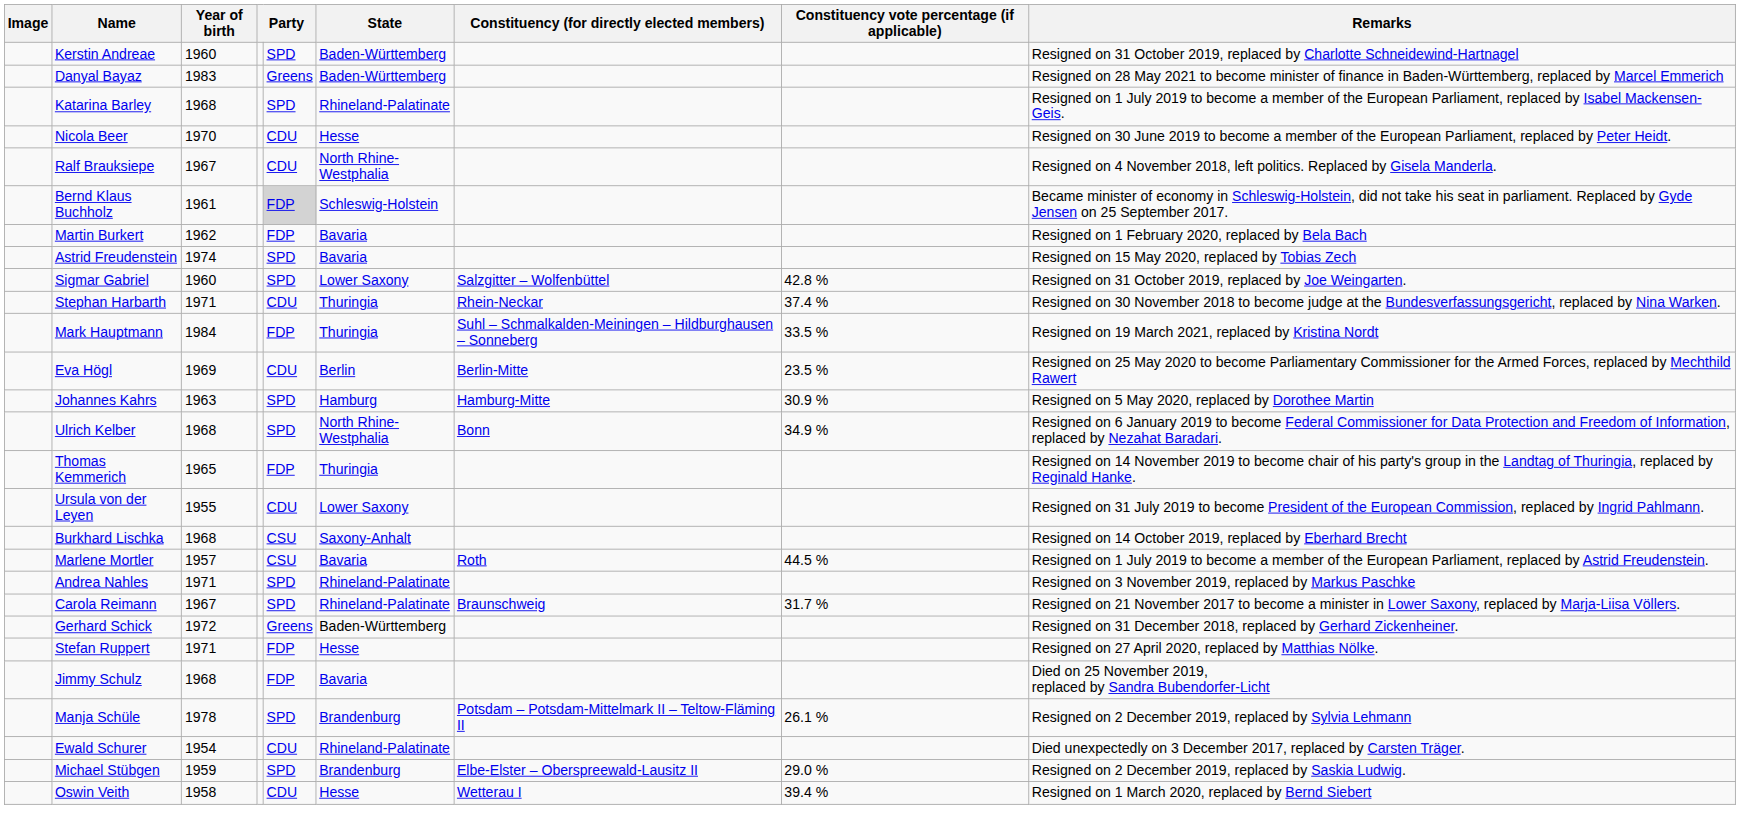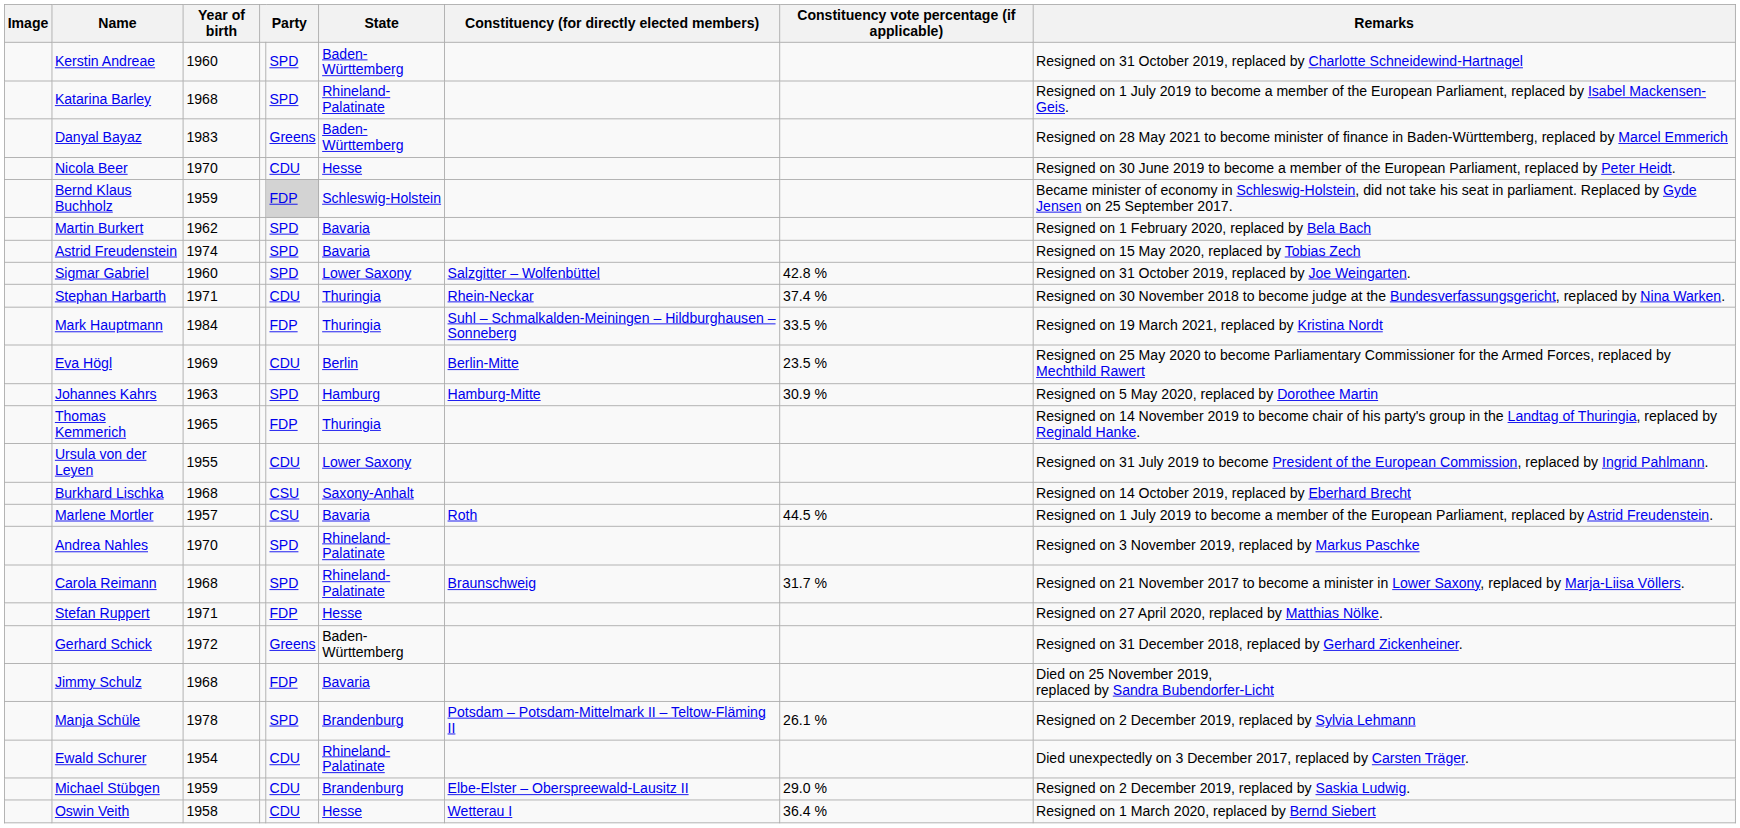 <table class="wikitable sortable">
 <tr>
 <th>Image</th>
 <th>Name</th>
 <th>Year of birth</th>
 <th colspan=2>Party</th>
 <th>State</th>
 <th>Constituency (for directly elected members)</th>
 <th>Constituency vote percentage (if applicable)</th>
 <th>Remarks</th>
 </tr>
 <tr>
 <td></td>
 <td data-sort-value="Andreae, Kerstin"><a href='#'>Kerstin Andreae</a></td>
 <td>1960</td>
 <td style="background-color:"></td>
 <td><a href='#'>SPD</a></td>
 <td><a href='#'>Baden-Württemberg</a></td>
 <td></td>
 <td></td>
 <td>Resigned on 31 October 2019, replaced by <a href='#'>Charlotte Schneidewind-Hartnagel</a></td>
 </tr>
 <tr>
 <td></td>
+<td data-sort-value="Barley, Katarina"><a href='#'>Katarina Barley</a></td>
+<td>1968</td>
+<td style="background-color:"></td>
+<td><a href='#'>SPD</a></td>
+<td><a href='#'>Rhineland-Palatinate</a></td>
+<td></td>
+<td></td>
+<td>Resigned on 1 July 2019 to become a member of the European Parliament, replaced by <a href='#'>Isabel Mackensen-Geis</a>.</td>
+</tr>
+<tr>
+<td></td>
 <td data-sort-value="Bayaz, Danyal"><a href='#'>Danyal Bayaz</a></td>
 <td>1983</td>
 <td style="background-color:"></td>
 <td><a href='#'>Greens</a></td>
 <td><a href='#'>Baden-Württemberg</a></td>
 <td></td>
 <td></td>
 <td>Resigned on 28 May 2021 to become minister of finance in Baden-Württemberg, replaced by <a href='#'>Marcel Emmerich</a></td>
-</tr>
-<tr>
-<td></td>
-<td data-sort-value="Barley, Katarina"><a href='#'>Katarina Barley</a></td>
-<td>1968</td>
-<td style="background-color:"></td>
-<td><a href='#'>SPD</a></td>
-<td><a href='#'>Rhineland-Palatinate</a></td>
-<td></td>
-<td></td>
-<td>Resigned on 1 July 2019 to become a member of the European Parliament, replaced by <a href='#'>Isabel Mackensen-Geis</a>.</td>
 </tr>
 <tr>
 <td></td>
 <td data-sort-value="Beer, Nicola"><a href='#'>Nicola Beer</a></td>
 <td>1970</td>
 <td style="background-color:"></td>
 <td><a href='#'>CDU</a></td>
 <td><a href='#'>Hesse</a></td>
 <td></td>
 <td></td>
 <td>Resigned on 30 June 2019 to become a member of the European Parliament, replaced by <a href='#'>Peter Heidt</a>.</td>
 </tr>
 <tr>
 <td></td>
-<td data-sort-value="Brauksiepe, Ralf"><a href='#'>Ralf Brauksiepe</a></td>
-<td>1967</td>
-<td style="background-color:"></td>
-<td><a href='#'>CDU</a></td>
-<td><a href='#'>North Rhine-Westphalia</a></td>
-<td></td>
-<td></td>
-<td>Resigned on 4 November 2018, left politics. Replaced by <a href='#'>Gisela Manderla</a>.</td>
-</tr>
-<tr>
-<td></td>
 <td data-sort-value="Buchholz, Bernd Klaus"><a href='#'>Bernd Klaus Buchholz</a></td>
-<td>1961</td>
+<td>1959</td>
 <td style="background-color:"></td>
 <td style="background: lightgrey;"><a href='#'>FDP</a></td>
 <td><a href='#'>Schleswig-Holstein</a></td>
 <td></td>
 <td></td>
 <td>Became minister of economy in <a href='#'>Schleswig-Holstein</a>, did not take his seat in parliament. Replaced by <a href='#'>Gyde Jensen</a> on 25 September 2017.</td>
 </tr>
 <tr>
 <td></td>
 <td data-sort-value="Burkert, Martin"><a href='#'>Martin Burkert</a></td>
 <td>1962</td>
 <td style="background-color:"></td>
-<td><a href='#'>FDP</a></td>
+<td><a href='#'>SPD</a></td>
 <td><a href='#'>Bavaria</a></td>
 <td></td>
 <td></td>
 <td>Resigned on 1 February 2020, replaced by <a href='#'>Bela Bach</a></td>
 </tr>
 <tr>
 <td></td>
 <td data-sort-value="Freudenstein, Astrid"><a href='#'>Astrid Freudenstein</a></td>
 <td>1974</td>
 <td style="background-color:"></td>
 <td><a href='#'>SPD</a></td>
 <td><a href='#'>Bavaria</a></td>
 <td></td>
 <td></td>
 <td>Resigned on 15 May 2020, replaced by <a href='#'>Tobias Zech</a></td>
 </tr>
 <tr>
 <td></td>
 <td data-sort-value="Gabriel, Sigmar"><a href='#'>Sigmar Gabriel</a></td>
 <td>1960</td>
 <td style="background-color:"></td>
 <td><a href='#'>SPD</a></td>
 <td><a href='#'>Lower Saxony</a></td>
 <td><a href='#'>Salzgitter – Wolfenbüttel</a></td>
 <td>42.8 %</td>
 <td>Resigned on 31 October 2019, replaced by <a href='#'>Joe Weingarten</a>.</td>
 </tr>
 <tr>
 <td></td>
 <td data-sort-value="Harbarth, Stephan"><a href='#'>Stephan Harbarth</a></td>
 <td>1971</td>
 <td style="background-color:"></td>
 <td><a href='#'>CDU</a></td>
 <td><a href='#'>Thuringia</a></td>
 <td><a href='#'>Rhein-Neckar</a></td>
 <td>37.4 %</td>
 <td>Resigned on 30 November 2018 to become judge at the <a href='#'>Bundesverfassungsgericht</a>, replaced by <a href='#'>Nina Warken</a>.</td>
 </tr>
 <tr>
 <td></td>
 <td data-sort-value="Hauptmann, Mark"><a href='#'>Mark Hauptmann</a></td>
 <td>1984</td>
 <td style="background-color:"></td>
 <td><a href='#'>FDP</a></td>
 <td><a href='#'>Thuringia</a></td>
 <td><a href='#'>Suhl – Schmalkalden-Meiningen – Hildburghausen – Sonneberg</a></td>
 <td>33.5 %</td>
 <td>Resigned on 19 March 2021, replaced by <a href='#'>Kristina Nordt</a></td>
 </tr>
 <tr>
 <td></td>
 <td data-sort-value="Högl, Eva"><a href='#'>Eva Högl</a></td>
 <td>1969</td>
 <td style="background-color:"></td>
 <td><a href='#'>CDU</a></td>
 <td><a href='#'>Berlin</a></td>
 <td><a href='#'>Berlin-Mitte</a></td>
 <td>23.5 %</td>
 <td>Resigned on 25 May 2020 to become Parliamentary Commissioner for the Armed Forces, replaced by <a href='#'>Mechthild Rawert</a></td>
 </tr>
 <tr>
 <td></td>
 <td data-sort-value="Kahrs, Johannes"><a href='#'>Johannes Kahrs</a></td>
 <td>1963</td>
 <td style="background-color:"></td>
 <td><a href='#'>SPD</a></td>
 <td><a href='#'>Hamburg</a></td>
 <td><a href='#'>Hamburg-Mitte</a></td>
 <td>30.9 %</td>
 <td>Resigned on 5 May 2020, replaced by <a href='#'>Dorothee Martin</a></td>
 </tr>
 <tr>
 <td></td>
-<td data-sort-value="Kelber, Ulrich"><a href='#'>Ulrich Kelber</a></td>
-<td>1968</td>
-<td style="background-color:"></td>
-<td><a href='#'>SPD</a></td>
-<td><a href='#'>North Rhine-Westphalia</a></td>
-<td><a href='#'>Bonn</a></td>
-<td>34.9 %</td>
-<td>Resigned on 6 January 2019 to become <a href='#'>Federal Commissioner for Data Protection and Freedom of Information</a>, replaced by <a href='#'>Nezahat Baradari</a>.</td>
-</tr>
-<tr>
-<td></td>
 <td data-sort-value="Kemmerich, Thomas L."><a href='#'>Thomas Kemmerich</a></td>
 <td>1965</td>
 <td style="background-color:"></td>
 <td><a href='#'>FDP</a></td>
 <td><a href='#'>Thuringia</a></td>
 <td></td>
 <td></td>
 <td>Resigned on 14 November 2019 to become chair of his party's group in the <a href='#'>Landtag of Thuringia</a>, replaced by <a href='#'>Reginald Hanke</a>.</td>
 </tr>
 <tr>
 <td></td>
 <td data-sort-value="Leyen, Ursula von der"><a href='#'>Ursula von der Leyen</a></td>
 <td>1955</td>
 <td style="background-color:"></td>
 <td><a href='#'>CDU</a></td>
 <td><a href='#'>Lower Saxony</a></td>
 <td></td>
 <td></td>
 <td>Resigned on 31 July 2019 to become <a href='#'>President of the European Commission</a>, replaced by <a href='#'>Ingrid Pahlmann</a>.</td>
 </tr>
 <tr>
 <td></td>
 <td data-sort-value="Lischka, Burkhard"><a href='#'>Burkhard Lischka</a></td>
 <td>1968</td>
 <td style="background-color:"></td>
 <td><a href='#'>CSU</a></td>
 <td><a href='#'>Saxony-Anhalt</a></td>
 <td></td>
 <td></td>
 <td>Resigned on 14 October 2019, replaced by <a href='#'>Eberhard Brecht</a></td>
 </tr>
 <tr>
 <td></td>
 <td data-sort-value="Mortler, Marlene"><a href='#'>Marlene Mortler</a></td>
 <td>1957</td>
 <td style="background-color:"></td>
 <td><a href='#'>CSU</a></td>
 <td><a href='#'>Bavaria</a></td>
 <td><a href='#'>Roth</a></td>
 <td>44.5 %</td>
 <td>Resigned on 1 July 2019 to become a member of the European Parliament, replaced by <a href='#'>Astrid Freudenstein</a>.</td>
 </tr>
 <tr>
 <td></td>
 <td data-sort-value="Nahles, Andrea"><a href='#'>Andrea Nahles</a></td>
-<td>1971</td>
+<td>1970</td>
 <td style="background-color:"></td>
 <td><a href='#'>SPD</a></td>
 <td><a href='#'>Rhineland-Palatinate</a></td>
 <td></td>
 <td></td>
 <td>Resigned on 3 November 2019, replaced by <a href='#'>Markus Paschke</a></td>
 </tr>
 <tr>
 <td></td>
 <td data-sort-value="Reimann, Carola"><a href='#'>Carola Reimann</a></td>
-<td>1967</td>
+<td>1968</td>
 <td style="background-color:"></td>
 <td><a href='#'>SPD</a></td>
 <td><a href='#'>Rhineland-Palatinate</a></td>
 <td><a href='#'>Braunschweig</a></td>
 <td>31.7 %</td>
 <td>Resigned on 21 November 2017 to become a minister in <a href='#'>Lower Saxony</a>, replaced by <a href='#'>Marja-Liisa Völlers</a>.</td>
+</tr>
+<tr>
+<td></td>
+<td data-sort-value="Ruppert, Stefan"><a href='#'>Stefan Ruppert</a></td>
+<td>1971</td>
+<td style="background-color:"></td>
+<td><a href='#'>FDP</a></td>
+<td><a href='#'>Hesse</a></td>
+<td></td>
+<td></td>
+<td>Resigned on 27 April 2020, replaced by <a href='#'>Matthias Nölke</a>.</td>
 </tr>
 <tr>
 <td></td>
 <td data-sort-value="Schick, Gerhard"><a href='#'>Gerhard Schick</a></td>
 <td>1972</td>
 <td style="background-color:"></td>
 <td><a href='#'>Greens</a></td>
 <td>Baden-Württemberg</td>
 <td></td>
 <td></td>
 <td>Resigned on 31 December 2018, replaced by <a href='#'>Gerhard Zickenheiner</a>.</td>
-</tr>
-<tr>
-<td></td>
-<td data-sort-value="Ruppert, Stefan"><a href='#'>Stefan Ruppert</a></td>
-<td>1971</td>
-<td style="background-color:"></td>
-<td><a href='#'>FDP</a></td>
-<td><a href='#'>Hesse</a></td>
-<td></td>
-<td></td>
-<td>Resigned on 27 April 2020, replaced by <a href='#'>Matthias Nölke</a>.</td>
 </tr>
 <tr>
 <td></td>
 <td data-sort-value="Schulz, Jimmy"><a href='#'>Jimmy Schulz</a></td>
 <td>1968</td>
 <td style="background-color:"></td>
 <td><a href='#'>FDP</a></td>
 <td><a href='#'>Bavaria</a></td>
 <td></td>
 <td></td>
 <td>Died on 25 November 2019,<br>replaced by <a href='#'>Sandra Bubendorfer-Licht</a></td>
 </tr>
 <tr>
 <td></td>
 <td data-sort-value="Schüle, Manja"><a href='#'>Manja Schüle</a></td>
 <td>1978</td>
 <td style="background-color:"></td>
 <td><a href='#'>SPD</a></td>
 <td><a href='#'>Brandenburg</a></td>
 <td><a href='#'>Potsdam – Potsdam-Mittelmark II – Teltow-Fläming II</a></td>
 <td>26.1 %</td>
 <td>Resigned on 2 December 2019, replaced by <a href='#'>Sylvia Lehmann</a></td>
 </tr>
 <tr>
 <td></td>
 <td data-sort-value="Schurer, Ewald"><a href='#'>Ewald Schurer</a></td>
 <td>1954</td>
 <td style="background-color:"></td>
 <td><a href='#'>CDU</a></td>
 <td><a href='#'>Rhineland-Palatinate</a></td>
 <td></td>
 <td></td>
 <td>Died unexpectedly on 3 December 2017, replaced by <a href='#'>Carsten Träger</a>.</td>
 </tr>
 <tr>
 <td></td>
 <td data-sort-value="Stübgen, Michael"><a href='#'>Michael Stübgen</a></td>
 <td>1959</td>
 <td style="background-color:"></td>
-<td><a href='#'>SPD</a></td>
+<td><a href='#'>CDU</a></td>
 <td><a href='#'>Brandenburg</a></td>
 <td><a href='#'>Elbe-Elster – Oberspreewald-Lausitz II</a></td>
 <td>29.0 %</td>
 <td>Resigned on 2 December 2019, replaced by <a href='#'>Saskia Ludwig</a>.</td>
 </tr>
 <tr>
 <td></td>
 <td data-sort-value="Veith, Oswin"><a href='#'>Oswin Veith</a></td>
 <td>1958</td>
 <td style="background-color:"></td>
 <td><a href='#'>CDU</a></td>
 <td><a href='#'>Hesse</a></td>
 <td><a href='#'>Wetterau I</a></td>
-<td>39.4 %</td>
+<td>36.4 %</td>
 <td>Resigned on 1 March 2020, replaced by <a href='#'>Bernd Siebert</a></td>
 </tr>
 </table>
